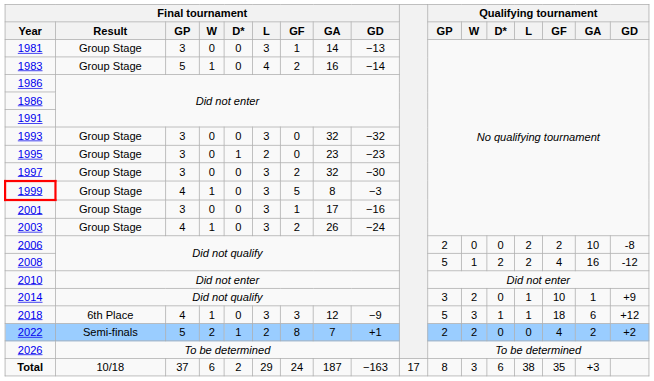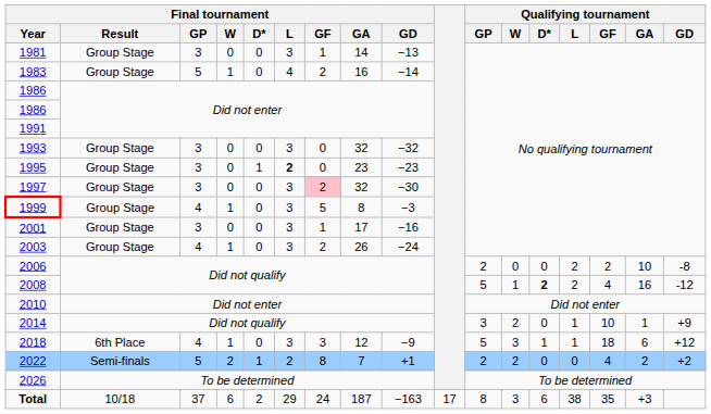 <table class="wikitable" style="text-align: center; font-size:95%;" width=100%>
 <tr>
 <th colspan=9>Final tournament</th>
 <th rowspan=20></th>
 <th colspan=7>Qualifying tournament</th>
 </tr>
 <tr>
 <th>Year</th>
 <th>Result</th>
 <th>GP</th>
 <th>W</th>
 <th>D*</th>
 <th>L</th>
 <th>GF</th>
 <th>GA</th>
 <th>GD<br></th>
 <th>GP</th>
 <th>W</th>
 <th>D*</th>
 <th>L</th>
 <th>GF</th>
 <th>GA</th>
 <th>GD</th>
 </tr>
 <tr>
 <td> <a href='#'>1981</a></td>
 <td>Group Stage</td>
 <td>3</td>
 <td>0</td>
 <td>0</td>
 <td>3</td>
 <td>1</td>
 <td>14</td>
 <td>−13</td>
 <td rowspan=11 colspan=7><em>No qualifying tournament</em></td>
 </tr>
 <tr>
 <td> <a href='#'>1983</a></td>
 <td>Group Stage</td>
 <td>5</td>
 <td>1</td>
 <td>0</td>
 <td>4</td>
 <td>2</td>
 <td>16</td>
 <td>−14</td>
 </tr>
 <tr>
 <td> <a href='#'>1986</a></td>
 <td rowspan=3 colspan=8><em>Did not enter</em></td>
 </tr>
 <tr>
 <td> <a href='#'>1986</a></td>
 </tr>
 <tr>
 <td> <a href='#'>1991</a></td>
 </tr>
 <tr>
 <td> <a href='#'>1993</a></td>
 <td>Group Stage</td>
 <td>3</td>
 <td>0</td>
 <td>0</td>
 <td>3</td>
 <td>0</td>
 <td>32</td>
 <td>−32</td>
 </tr>
 <tr>
 <td> <a href='#'>1995</a></td>
 <td>Group Stage</td>
 <td>3</td>
 <td>0</td>
 <td>1</td>
-<td>2</td>
+<td><strong>2</strong></td>
 <td>0</td>
 <td>23</td>
 <td>−23</td>
 </tr>
 <tr>
 <td> <a href='#'>1997</a></td>
 <td>Group Stage</td>
 <td>3</td>
 <td>0</td>
 <td>0</td>
 <td>3</td>
-<td>2</td>
+<td style="background: pink;">2</td>
 <td>32</td>
 <td>−30</td>
 </tr>
 <tr>
 <td style="border: 3px solid red"> <a href='#'>1999</a></td>
 <td>Group Stage</td>
 <td>4</td>
 <td>1</td>
 <td>0</td>
 <td>3</td>
 <td>5</td>
 <td>8</td>
 <td>−3</td>
 </tr>
 <tr>
 <td> <a href='#'>2001</a></td>
 <td>Group Stage</td>
 <td>3</td>
 <td>0</td>
 <td>0</td>
 <td>3</td>
 <td>1</td>
 <td>17</td>
 <td>−16</td>
 </tr>
 <tr>
 <td> <a href='#'>2003</a></td>
 <td>Group Stage</td>
 <td>4</td>
 <td>1</td>
 <td>0</td>
 <td>3</td>
 <td>2</td>
 <td>26</td>
 <td>−24</td>
 </tr>
 <tr>
 <td> <a href='#'>2006</a></td>
 <td rowspan=2 colspan=8><em>Did not qualify</em></td>
 <td>2</td>
 <td>0</td>
 <td>0</td>
 <td>2</td>
 <td>2</td>
 <td>10</td>
 <td>-8</td>
 </tr>
 <tr>
 <td> <a href='#'>2008</a></td>
 <td>5</td>
 <td>1</td>
-<td>2</td>
+<td><strong>2</strong></td>
 <td>2</td>
 <td>4</td>
 <td>16</td>
 <td>-12</td>
 </tr>
 <tr>
 <td> <a href='#'>2010</a></td>
 <td colspan=8><em>Did not enter</em></td>
 <td colspan=7><em>Did not enter</em></td>
 </tr>
 <tr>
 <td> <a href='#'>2014</a></td>
 <td colspan=8><em>Did not qualify</em></td>
 <td>3</td>
 <td>2</td>
 <td>0</td>
 <td>1</td>
 <td>10</td>
 <td>1</td>
 <td>+9</td>
 </tr>
 <tr>
 <td> <a href='#'>2018</a></td>
 <td>6th Place</td>
 <td>4</td>
 <td>1</td>
 <td>0</td>
 <td>3</td>
 <td>3</td>
 <td>12</td>
 <td>−9</td>
 <td>5</td>
 <td>3</td>
 <td>1</td>
 <td>1</td>
 <td>18</td>
 <td>6</td>
 <td>+12</td>
 </tr>
 <tr style="background:#9acdff;">
 <td> <a href='#'>2022</a></td>
 <td>Semi-finals</td>
 <td>5</td>
 <td>2</td>
 <td>1</td>
 <td>2</td>
 <td>8</td>
 <td>7</td>
 <td>+1</td>
 <td>2</td>
 <td>2</td>
 <td>0</td>
 <td>0</td>
 <td>4</td>
 <td>2</td>
 <td>+2</td>
 </tr>
 <tr>
 <td> <a href='#'>2026</a></td>
 <td colspan=8><em>To be determined</em></td>
 <td colspan=7><em>To be determined</em></td>
 </tr>
 <tr>
 <td><strong>Total</strong></td>
 <td>10/18</td>
 <td>37</td>
 <td>6</td>
 <td>2</td>
 <td>29</td>
 <td>24</td>
 <td>187</td>
 <td>−163</td>
 <td>17</td>
 <td>8</td>
 <td>3</td>
 <td>6</td>
 <td>38</td>
 <td>35</td>
 <td>+3</td>
 </tr>
 </table>
